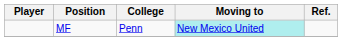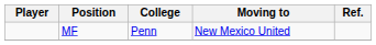 <table class="wikitable sortable" style="width:60%">
 <tr>
 <th>Player</th>
 <th>Position</th>
 <th>College</th>
 <th>Moving to</th>
 <th class="unsortable">Ref.</th>
 </tr>
 <tr>
 <td></td>
 <td><a href='#'>MF</a></td>
 <td><a href='#'>Penn</a></td>
-<td style="background: paleturquoise;"><a href='#'>New Mexico United</a></td>
+<td><a href='#'>New Mexico United</a></td>
 <td></td>
 </tr>
 <tr>
 </tr>
 </table>
